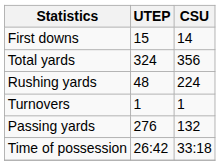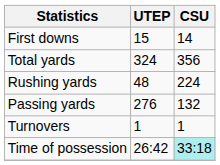 <table class="wikitable" style="float: left;">
 <tr>
 <th>Statistics</th>
 <th>UTEP</th>
 <th>CSU</th>
 </tr>
 <tr>
 <td>First downs</td>
 <td>15</td>
 <td>14</td>
 </tr>
 <tr>
 <td>Total yards</td>
 <td>324</td>
 <td>356</td>
 </tr>
 <tr>
 <td>Rushing yards</td>
 <td>48</td>
 <td>224</td>
 </tr>
 <tr>
+<td>Passing yards</td>
+<td>276</td>
+<td>132</td>
+</tr>
+<tr>
 <td>Turnovers</td>
 <td>1</td>
 <td>1</td>
 </tr>
 <tr>
-<td>Passing yards</td>
-<td>276</td>
-<td>132</td>
-</tr>
-<tr>
 <td>Time of possession</td>
 <td>26:42</td>
-<td>33:18</td>
+<td style="background: paleturquoise;">33:18</td>
 </tr>
 <tr>
 </tr>
 </table>
